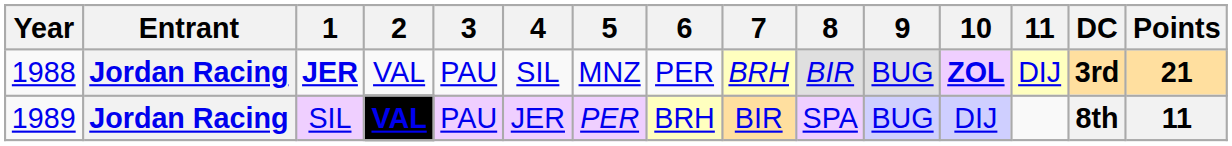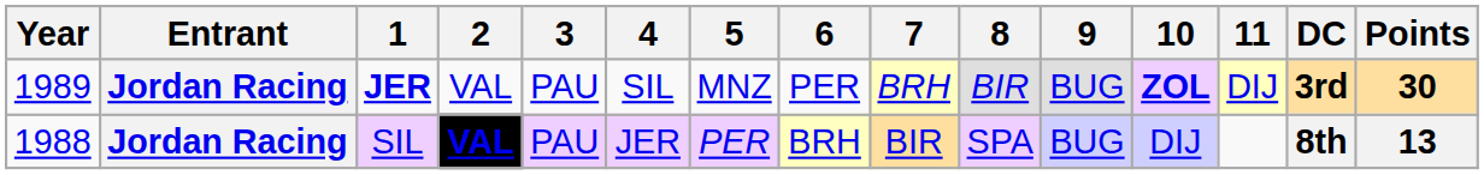 <table class="wikitable" style="text-align:center; font-size:85%">
 <tr>
 <th>Year</th>
 <th>Entrant</th>
 <th>1</th>
 <th>2</th>
 <th>3</th>
 <th>4</th>
 <th>5</th>
 <th>6</th>
 <th>7</th>
 <th>8</th>
 <th>9</th>
 <th>10</th>
 <th>11</th>
 <th>DC</th>
 <th>Points</th>
 </tr>
 <tr>
-<td><a href='#'>1988</a></td>
+<td><a href='#'>1989</a></td>
 <th nowrap><a href='#'>Jordan Racing</a></th>
 <td><strong><a href='#'>JER</a></strong></td>
 <td><a href='#'>VAL</a></td>
 <td><a href='#'>PAU</a></td>
 <td><a href='#'>SIL</a></td>
 <td><a href='#'>MNZ</a></td>
 <td><a href='#'>PER</a></td>
 <td style="background:#FFFFBF;"><em><a href='#'>BRH</a></em><br></td>
 <td style="background:#DFDFDF;"><em><a href='#'>BIR</a></em><br></td>
 <td style="background:#DFDFDF;"><a href='#'>BUG</a><br></td>
 <td style="background:#EFCFFF;"><strong><a href='#'>ZOL</a></strong><br></td>
 <td style="background:#FFFFBF;"><a href='#'>DIJ</a><br></td>
 <td style="background:#FFDF9F;"><strong>3rd</strong></td>
-<td style="background:#FFDF9F;"><strong>21</strong></td>
+<td style="background:#FFDF9F;"><strong>30</strong></td>
 </tr>
 <tr>
-<td><a href='#'>1989</a></td>
+<td><a href='#'>1988</a></td>
 <th nowrap><a href='#'>Jordan Racing</a></th>
 <td style="background:#EFCFFF;"><a href='#'>SIL</a><br></td>
 <td style="background:#000000; color:white"><strong><a href='#'><span>VAL</span></a></strong><br></td>
 <td style="background:#EFCFFF;"><a href='#'>PAU</a><br></td>
 <td style="background:#EFCFFF;"><a href='#'>JER</a><br></td>
 <td style="background:#EFCFFF;"><em><a href='#'>PER</a></em><br></td>
 <td style="background:#FFFFBF;"><a href='#'>BRH</a><br></td>
 <td style="background:#FFDF9F;"><a href='#'>BIR</a><br></td>
 <td style="background:#EFCFFF;"><a href='#'>SPA</a><br></td>
 <td style="background:#CFCFFF;"><a href='#'>BUG</a><br></td>
 <td style="background:#CFCFFF;"><a href='#'>DIJ</a><br></td>
 <td></td>
 <th>8th</th>
-<th>11</th>
+<th>13</th>
 </tr>
 </table>
